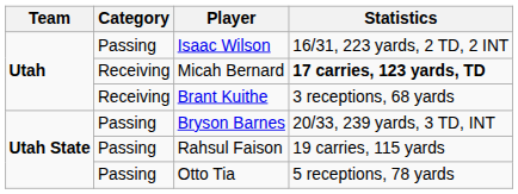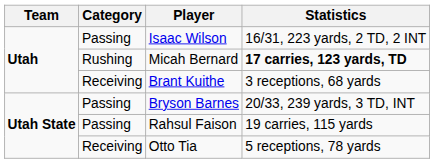 <table class="wikitable" style="float: right;">
 <tr>
 <th>Team</th>
 <th>Category</th>
 <th>Player</th>
 <th>Statistics</th>
 </tr>
 <tr>
 <td rowspan=3><strong>Utah</strong></td>
 <td>Passing</td>
 <td><a href='#'>Isaac Wilson</a></td>
 <td>16/31, 223 yards, 2 TD, 2 INT</td>
 </tr>
 <tr>
-<td>Receiving</td>
+<td>Rushing</td>
 <td>Micah Bernard</td>
 <td><strong>17 carries, 123 yards, TD</strong></td>
 </tr>
 <tr>
 <td>Receiving</td>
 <td><a href='#'>Brant Kuithe</a></td>
 <td>3 receptions, 68 yards</td>
 </tr>
 <tr>
 <td rowspan=3><strong>Utah State</strong></td>
 <td>Passing</td>
 <td><a href='#'>Bryson Barnes</a></td>
 <td>20/33, 239 yards, 3 TD, INT</td>
 </tr>
 <tr>
 <td>Passing</td>
 <td>Rahsul Faison</td>
 <td>19 carries, 115 yards</td>
 </tr>
 <tr>
-<td>Passing</td>
+<td>Receiving</td>
 <td>Otto Tia</td>
 <td>5 receptions, 78 yards</td>
 </tr>
 </table>
